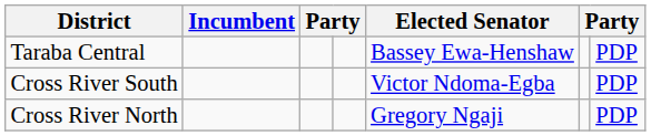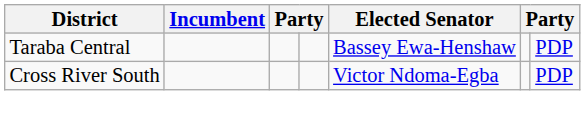 <table class="sortable wikitable" style="font-size:95%;line-height:14px;">
 <tr>
 <th class="unsortable">District</th>
 <th class="unsortable"><a href='#'>Incumbent</a></th>
 <th colspan="2">Party</th>
 <th class="unsortable">Elected Senator</th>
 <th colspan="2">Party</th>
 </tr>
 <tr>
 <td>Taraba Central</td>
 <td></td>
 <td></td>
 <td></td>
 <td><a href='#'>Bassey Ewa-Henshaw</a></td>
 <td style="background:"></td>
 <td><a href='#'>PDP</a></td>
 </tr>
 <tr>
 <td>Cross River South</td>
 <td></td>
 <td></td>
 <td></td>
 <td><a href='#'>Victor Ndoma-Egba</a></td>
 <td style="background:"></td>
 <td><a href='#'>PDP</a></td>
 </tr>
-<tr>
-<td>Cross River North</td>
-<td></td>
-<td></td>
-<td></td>
-<td><a href='#'>Gregory Ngaji</a></td>
-<td style="background:"></td>
-<td><a href='#'>PDP</a></td>
-</tr>
 </table>
